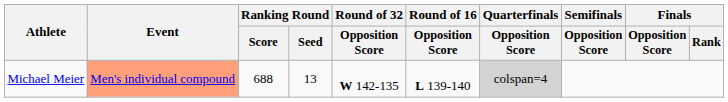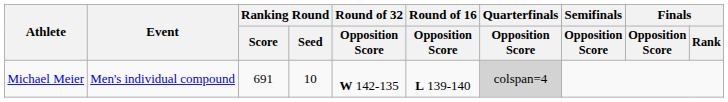 <table class="wikitable" style="text-align: center; font-size:90%">
 <tr>
 <th rowspan="2">Athlete</th>
 <th rowspan="2">Event</th>
 <th colspan="2">Ranking Round</th>
 <th>Round of 32</th>
 <th>Round of 16</th>
 <th>Quarterfinals</th>
 <th>Semifinals</th>
 <th colspan="2">Finals</th>
 </tr>
 <tr style="font-size:95%">
 <th>Score</th>
 <th>Seed</th>
 <th>Opposition<br>Score</th>
 <th>Opposition<br>Score</th>
 <th>Opposition<br>Score</th>
 <th>Opposition<br>Score</th>
 <th>Opposition<br>Score</th>
 <th>Rank</th>
 </tr>
 <tr>
 <td align=left><a href='#'>Michael Meier</a></td>
-<td align=left style="background: lightsalmon;"><a href='#'>Men's individual compound</a></td>
-<td>688</td>
-<td>13</td>
+<td align=left><a href='#'>Men's individual compound</a></td>
+<td>691</td>
+<td>10</td>
 <td><br><strong>W</strong> 142-135</td>
 <td><br><strong>L</strong> 139-140</td>
 <td style="background: lightgrey;">colspan=4 </td>
 </tr>
 </table>
